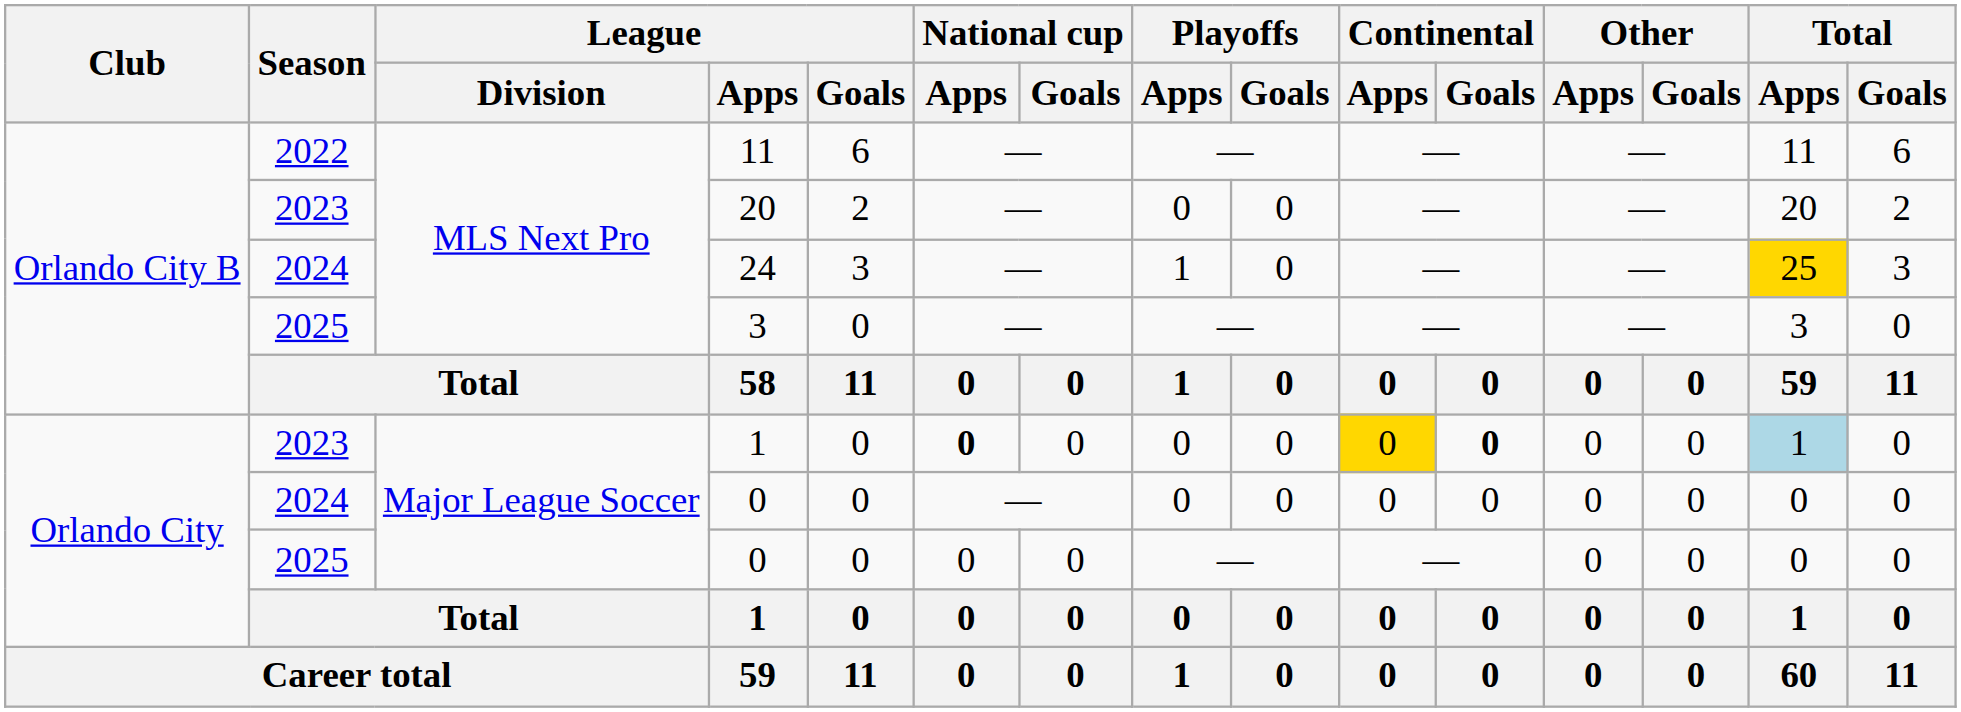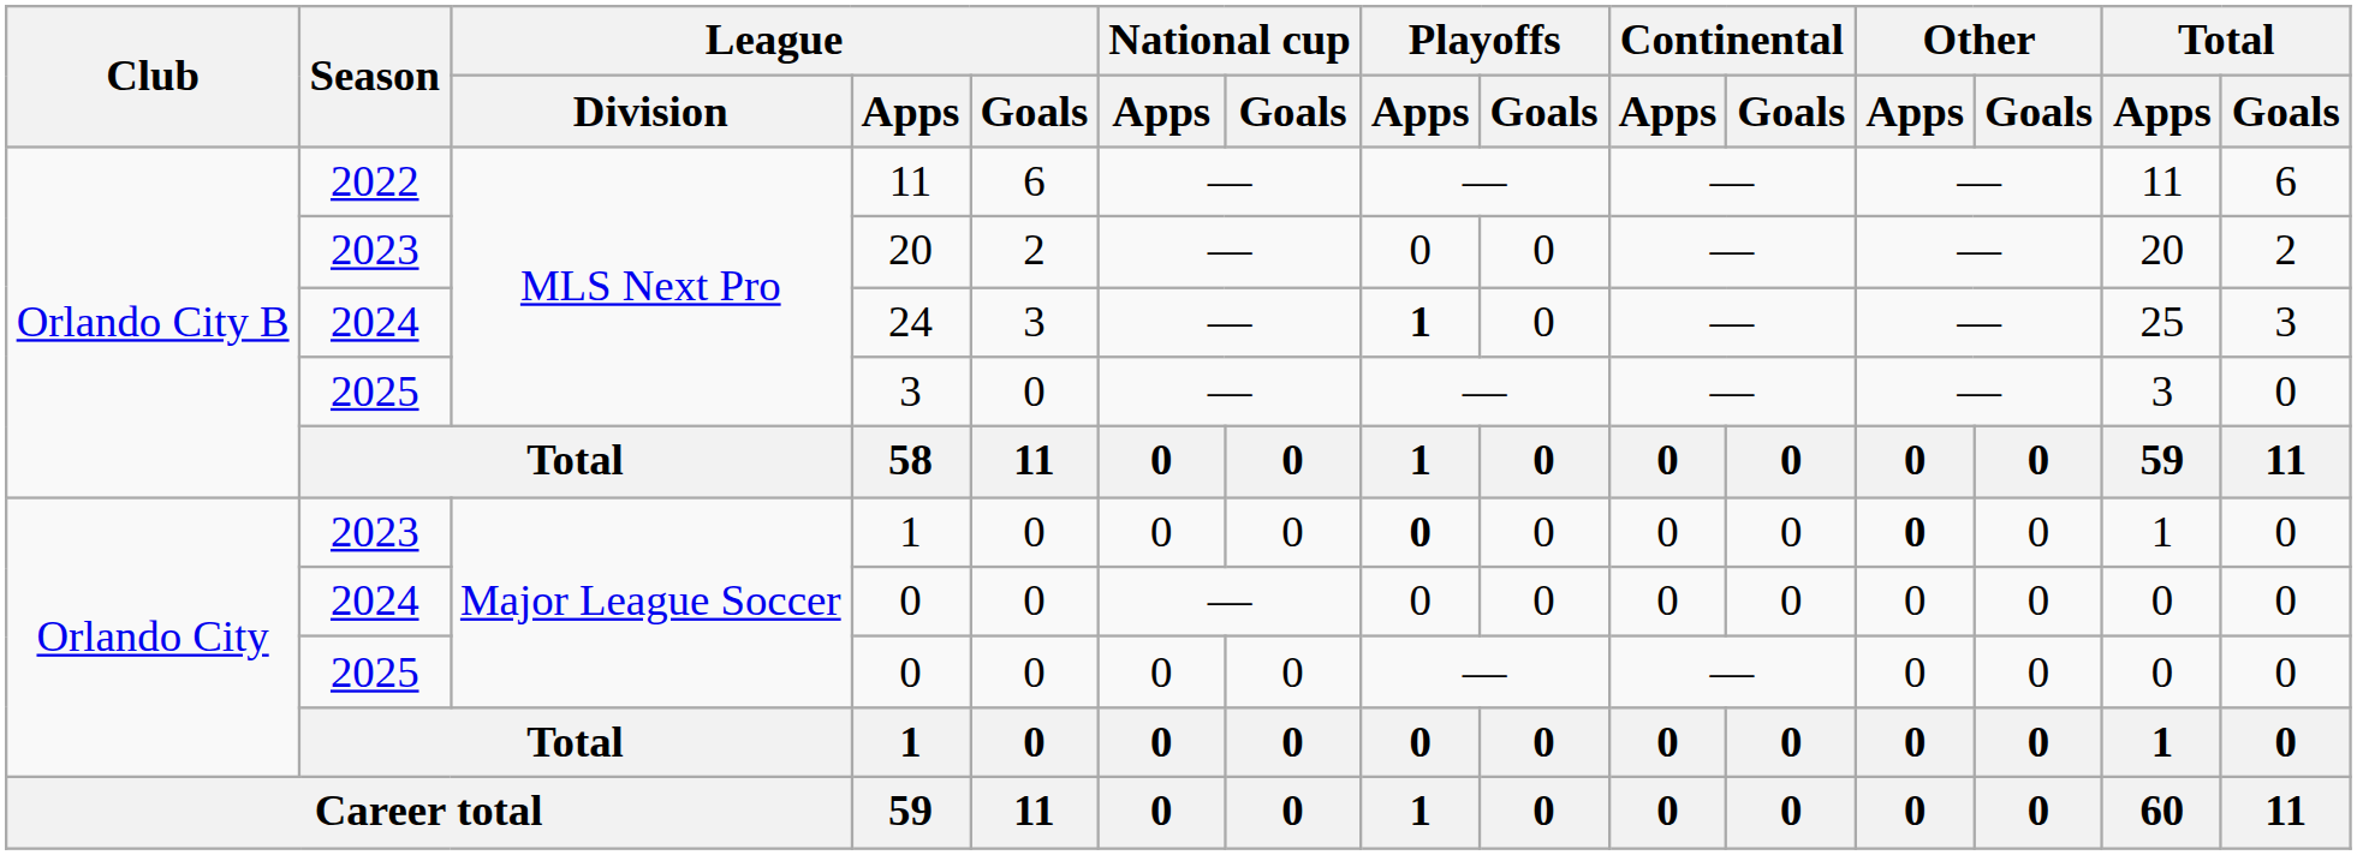 <table class="wikitable" style="text-align:center;">
 <tr>
 <th rowspan="2">Club</th>
 <th rowspan="2">Season</th>
 <th colspan="3">League</th>
 <th colspan="2">National cup</th>
 <th colspan="2">Playoffs</th>
 <th colspan="2">Continental</th>
 <th colspan="2">Other</th>
 <th colspan="2">Total</th>
 </tr>
 <tr>
 <th>Division</th>
 <th>Apps</th>
 <th>Goals</th>
 <th>Apps</th>
 <th>Goals</th>
 <th>Apps</th>
 <th>Goals</th>
 <th>Apps</th>
 <th>Goals</th>
 <th>Apps</th>
 <th>Goals</th>
 <th>Apps</th>
 <th>Goals</th>
 </tr>
 <tr>
 <td rowspan="5"><a href='#'>Orlando City B</a></td>
 <td><a href='#'>2022</a></td>
 <td rowspan="4"><a href='#'>MLS Next Pro</a></td>
 <td>11</td>
 <td>6</td>
 <td colspan="2">—</td>
 <td colspan="2">—</td>
 <td colspan="2">—</td>
 <td colspan="2">—</td>
 <td>11</td>
 <td>6</td>
 </tr>
 <tr>
 <td><a href='#'>2023</a></td>
 <td>20</td>
 <td>2</td>
 <td colspan="2">—</td>
 <td>0</td>
 <td>0</td>
 <td colspan="2">—</td>
 <td colspan="2">—</td>
 <td>20</td>
 <td>2</td>
 </tr>
 <tr>
 <td><a href='#'>2024</a></td>
 <td>24</td>
 <td>3</td>
 <td colspan="2">—</td>
-<td>1</td>
+<td><strong>1</strong></td>
 <td>0</td>
 <td colspan="2">—</td>
 <td colspan="2">—</td>
-<td style="background: gold;">25</td>
+<td>25</td>
 <td>3</td>
 </tr>
 <tr>
 <td><a href='#'>2025</a></td>
 <td>3</td>
 <td>0</td>
 <td colspan="2">—</td>
 <td colspan="2">—</td>
 <td colspan="2">—</td>
 <td colspan="2">—</td>
 <td>3</td>
 <td>0</td>
 </tr>
 <tr>
 <th colspan="2">Total</th>
 <th>58</th>
 <th>11</th>
 <th>0</th>
 <th>0</th>
 <th>1</th>
 <th>0</th>
 <th>0</th>
 <th>0</th>
 <th>0</th>
 <th>0</th>
 <th>59</th>
 <th>11</th>
 </tr>
 <tr>
 <td rowspan="4"><a href='#'>Orlando City</a></td>
 <td><a href='#'>2023</a></td>
 <td rowspan="3"><a href='#'>Major League Soccer</a></td>
 <td>1</td>
 <td>0</td>
+<td>0</td>
+<td>0</td>
 <td><strong>0</strong></td>
 <td>0</td>
 <td>0</td>
 <td>0</td>
-<td style="background: gold;">0</td>
 <td><strong>0</strong></td>
 <td>0</td>
-<td>0</td>
-<td style="background: lightblue;">1</td>
+<td>1</td>
 <td>0</td>
 </tr>
 <tr>
 <td><a href='#'>2024</a></td>
 <td>0</td>
 <td>0</td>
 <td colspan="2">—</td>
 <td>0</td>
 <td>0</td>
 <td>0</td>
 <td>0</td>
 <td>0</td>
 <td>0</td>
 <td>0</td>
 <td>0</td>
 </tr>
 <tr>
 <td><a href='#'>2025</a></td>
 <td>0</td>
 <td>0</td>
 <td>0</td>
 <td>0</td>
 <td colspan="2">—</td>
 <td colspan="2">—</td>
 <td>0</td>
 <td>0</td>
 <td>0</td>
 <td>0</td>
 </tr>
 <tr>
 <th colspan="2">Total</th>
 <th>1</th>
 <th>0</th>
 <th>0</th>
 <th>0</th>
 <th>0</th>
 <th>0</th>
 <th>0</th>
 <th>0</th>
 <th>0</th>
 <th>0</th>
 <th>1</th>
 <th>0</th>
 </tr>
 <tr>
 <th colspan="3">Career total</th>
 <th>59</th>
 <th>11</th>
 <th>0</th>
 <th>0</th>
 <th>1</th>
 <th>0</th>
 <th>0</th>
 <th>0</th>
 <th>0</th>
 <th>0</th>
 <th>60</th>
 <th>11</th>
 </tr>
 </table>
